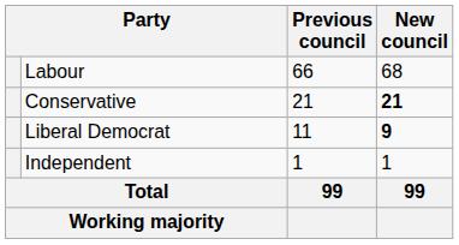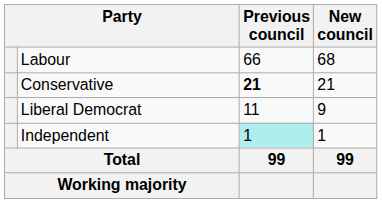 <table class="wikitable">
 <tr>
 <th valign=top colspan="2" style="width: 230px">Party</th>
 <th valign=top style="width: 30px">Previous council</th>
 <th valign=top style="width: 30px">New council</th>
 </tr>
 <tr>
 <th style="background-color: "></th>
 <td>Labour</td>
 <td>66</td>
 <td>68</td>
 </tr>
 <tr>
 <th style="background-color: "></th>
 <td>Conservative</td>
+<td><strong>21</strong></td>
 <td>21</td>
-<td><strong>21</strong></td>
 </tr>
 <tr>
 <th style="background-color: "></th>
 <td>Liberal Democrat</td>
 <td>11</td>
-<td><strong>9</strong></td>
+<td>9</td>
 </tr>
 <tr>
 <th style="background-color: "></th>
 <td>Independent</td>
-<td>1</td>
+<td style="background: paleturquoise;">1</td>
 <td>1</td>
 </tr>
 <tr>
 <th colspan=2>Total</th>
 <th style="text-align: center">99</th>
 <th colspan=3>99</th>
 </tr>
 <tr>
 <th colspan=2>Working majority</th>
 <th></th>
 <th></th>
 </tr>
 </table>
